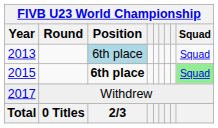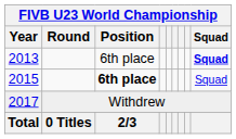 <table class="wikitable" style="text-align: center;">
 <tr>
 <th colspan=9><a href='#'>FIVB U23 World Championship</a></th>
 </tr>
 <tr>
 <th>Year</th>
 <th>Round</th>
 <th>Position</th>
 <th></th>
 <th></th>
 <th></th>
 <th></th>
 <th></th>
 <th><small>Squad</small></th>
 </tr>
 <tr>
 <td> <a href='#'>2013</a></td>
 <td></td>
-<td style="background: lightblue;">6th place</td>
+<td>6th place</td>
 <td></td>
 <td></td>
 <td></td>
 <td></td>
 <td></td>
-<td><small> <a href='#'>Squad</a></small></td>
+<td><strong><small> <a href='#'>Squad</a></small></strong></td>
 </tr>
 <tr>
 <td> <a href='#'>2015</a></td>
 <td></td>
 <td><strong>6th place</strong></td>
 <td></td>
 <td></td>
 <td></td>
 <td></td>
 <td></td>
-<td style="background: lightgreen;"><small><a href='#'>Squad</a></small></td>
+<td><small><a href='#'>Squad</a></small></td>
 </tr>
 <tr bgcolor="efefef">
 <td> <a href='#'>2017</a></td>
 <td colspan="9">Withdrew</td>
 </tr>
 <tr>
 <th>Total</th>
 <th>0 Titles</th>
 <th>2/3</th>
 <th></th>
 <th></th>
 <th></th>
 <th></th>
 <th></th>
 <th></th>
 </tr>
 </table>
